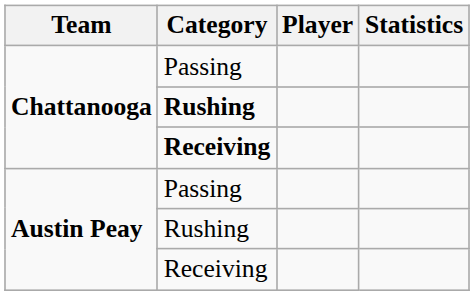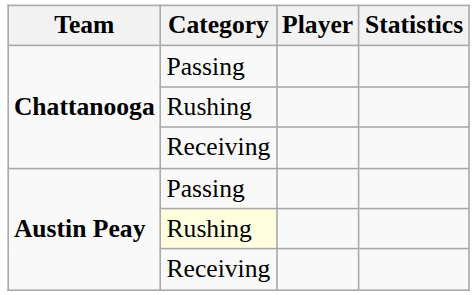 <table class="wikitable" style="float: right;">
 <tr>
 <th>Team</th>
 <th>Category</th>
 <th>Player</th>
 <th>Statistics</th>
 </tr>
 <tr>
 <td rowspan=3><strong>Chattanooga</strong></td>
 <td>Passing</td>
 <td></td>
 <td></td>
 </tr>
 <tr>
-<td><strong>Rushing</strong></td>
+<td>Rushing</td>
 <td></td>
 <td></td>
 </tr>
 <tr>
-<td><strong>Receiving</strong></td>
+<td>Receiving</td>
 <td></td>
 <td></td>
 </tr>
 <tr>
 <td rowspan=3><strong>Austin Peay</strong></td>
 <td>Passing</td>
 <td></td>
 <td></td>
 </tr>
 <tr>
-<td>Rushing</td>
+<td style="background: lightyellow;">Rushing</td>
 <td></td>
 <td></td>
 </tr>
 <tr>
 <td>Receiving</td>
 <td></td>
 <td></td>
 </tr>
 </table>
